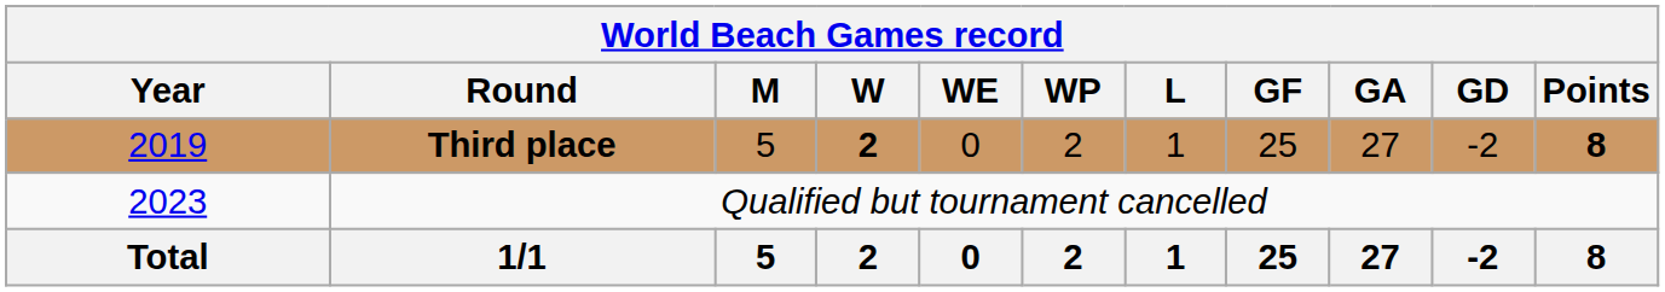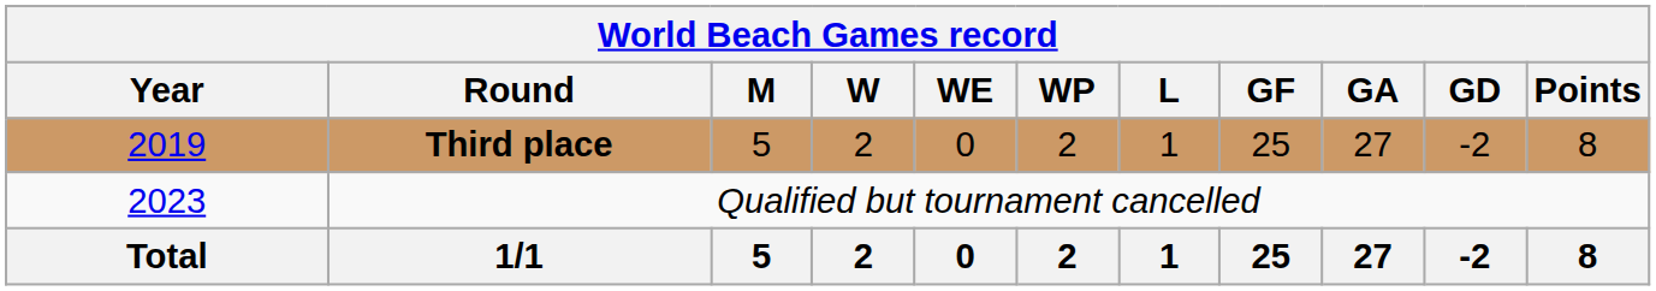 <table class="wikitable" style="text-align: center;font-size:90%;">
 <tr>
 <th colspan=11><a href='#'>World Beach Games record</a></th>
 </tr>
 <tr>
 <th width=125>Year</th>
 <th width=150>Round</th>
 <th width=35>M</th>
 <th width=35>W</th>
 <th width=35>WE</th>
 <th width=35>WP</th>
 <th width=35>L</th>
 <th width=35>GF</th>
 <th width=35>GA</th>
 <th width=35>GD</th>
 <th width=35>Points</th>
 </tr>
 <tr bgcolor="#cc9966">
 <td> <a href='#'>2019</a></td>
 <td><strong>Third place</strong></td>
 <td>5</td>
-<td><strong>2</strong></td>
+<td>2</td>
 <td>0</td>
 <td>2</td>
 <td>1</td>
 <td>25</td>
 <td>27</td>
 <td>-2</td>
-<td><strong>8</strong></td>
+<td>8</td>
 </tr>
 <tr>
 <td> <a href='#'>2023</a></td>
 <td Colspan=10><em>Qualified but tournament cancelled</em></td>
 </tr>
 <tr>
 <th>Total</th>
 <th>1/1</th>
 <th>5</th>
 <th>2</th>
 <th>0</th>
 <th>2</th>
 <th>1</th>
 <th>25</th>
 <th>27</th>
 <th>-2</th>
 <th>8</th>
 </tr>
 </table>
